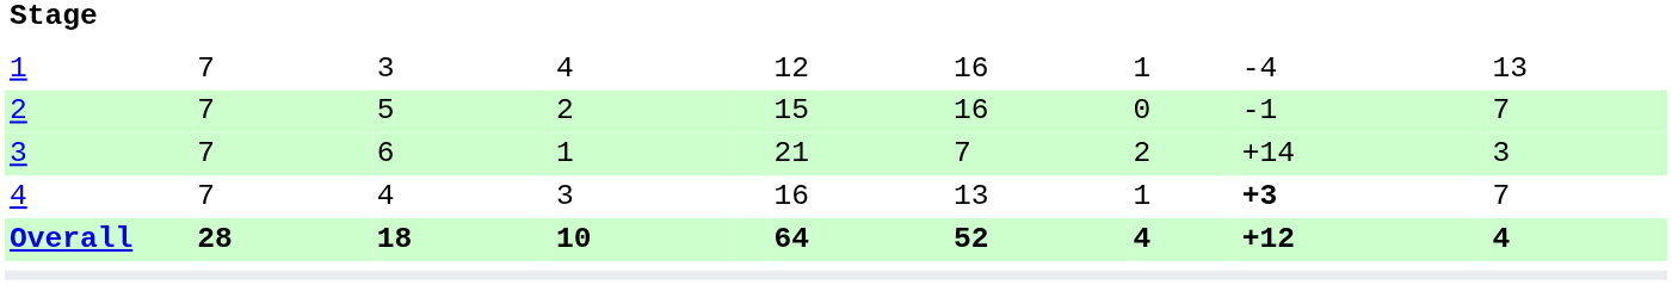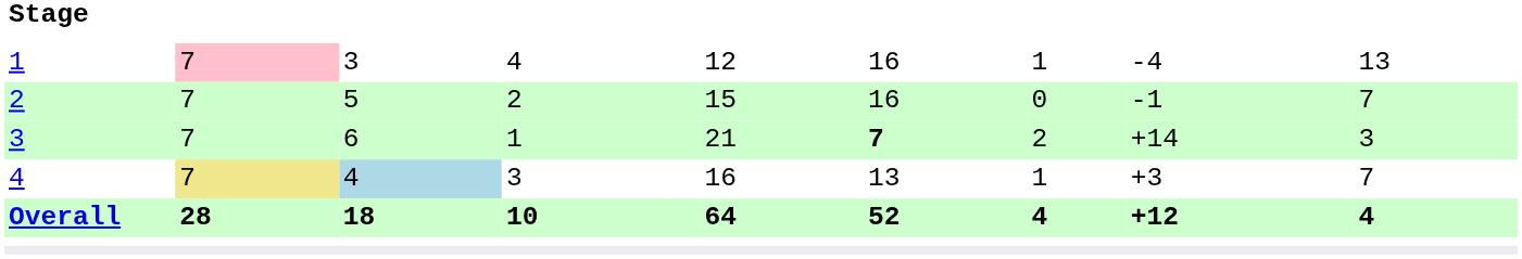 <table class="toccolours" border=0 cellpadding="2" cellspacing="0" style="font-size:95%; text-align:left; width:700px;">
 <tr align="left" style="background:#">
 <th style="width:75px">Stage</th>
 <th></th>
 <th></th>
 <th></th>
 <th></th>
 <th></th>
 <th></th>
 <th></th>
 <th></th>
 <th></th>
 </tr>
 <tr>
 <td colspan = "10"></td>
 </tr>
 <tr>
 </tr>
 <tr style="">
 <td><a href='#'>1</a></td>
-<td>7</td>
+<td style="background: pink;">7</td>
 <td>3</td>
 <td>4</td>
 <td></td>
 <td>12</td>
 <td>16</td>
 <td>1</td>
 <td>-4</td>
 <td>13</td>
 </tr>
 <tr style="background:#cfc">
 <td><a href='#'>2</a></td>
 <td>7</td>
 <td>5</td>
 <td>2</td>
 <td></td>
 <td>15</td>
 <td>16</td>
 <td>0</td>
 <td>-1</td>
 <td>7</td>
 </tr>
 <tr style="background:#cfc">
 <td><a href='#'>3</a></td>
 <td>7</td>
 <td>6</td>
 <td>1</td>
 <td></td>
 <td>21</td>
-<td>7</td>
+<td><strong>7</strong></td>
 <td>2</td>
 <td>+14</td>
 <td>3</td>
 </tr>
 <tr>
 <td><a href='#'>4</a></td>
-<td>7</td>
-<td>4</td>
+<td style="background: khaki;">7</td>
+<td style="background: lightblue;">4</td>
 <td>3</td>
 <td></td>
 <td>16</td>
 <td>13</td>
 <td>1</td>
-<td><strong>+3</strong></td>
+<td>+3</td>
 <td>7</td>
 </tr>
 <tr style="background-color:#cfc;">
 <th><a href='#'>Overall</a></th>
 <th>28</th>
 <th>18</th>
 <th>10</th>
 <th></th>
 <th>64</th>
 <th>52</th>
 <th>4</th>
 <th>+12</th>
 <th>4</th>
 </tr>
 <tr>
 <td colspan="10"></td>
 </tr>
 <tr align="left" style="background:#EAECF0; color:#000;">
 <td colspan="10" style="text-align:center;"> </td>
 </tr>
 </table>
